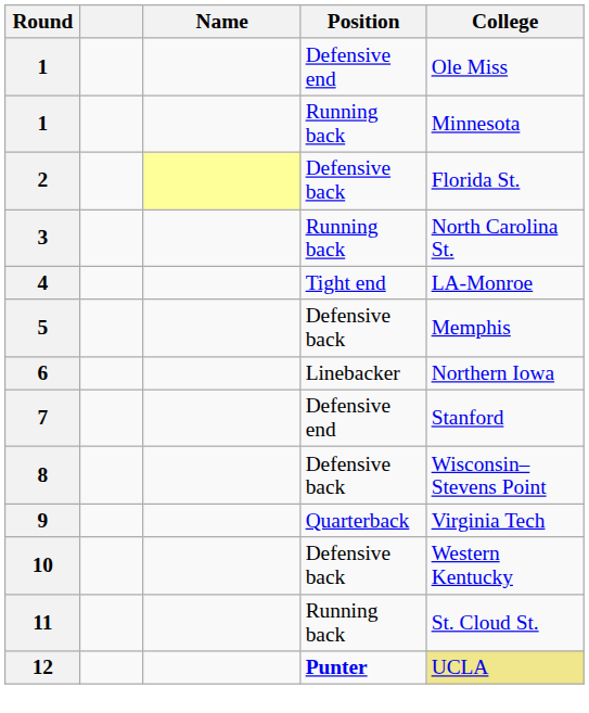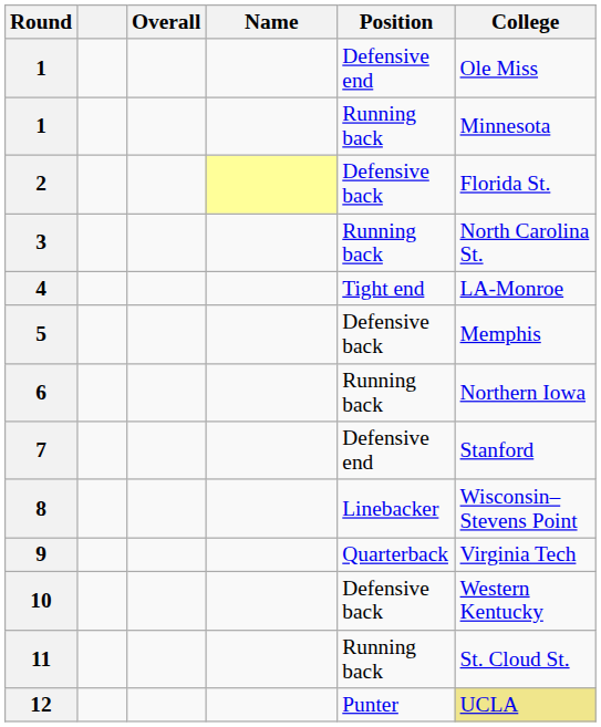 <table class="wikitable sortable" style="width: 50%;">
 <tr>
 <th scope="col" style="width: 10%;">Round</th>
 <th scope="col" style="width: 10%;"></th>
+<th scope="col" style="width: 10%;">Overall</th>
 <th scope="col" style="width: 25%;">Name</th>
 <th scope="col" style="width: 20%;">Position</th>
 <th scope="col" style="width: 25%;">College</th>
 </tr>
 <tr>
 <th scope="row">1</th>
+<td></td>
 <td></td>
 <td></td>
 <td><a href='#'>Defensive end</a></td>
 <td><a href='#'>Ole Miss</a></td>
 </tr>
 <tr>
 <th scope="row">1</th>
 <td></td>
 <td></td>
+<td></td>
 <td><a href='#'>Running back</a></td>
 <td><a href='#'>Minnesota</a></td>
 </tr>
 <tr>
 <th scope="row">2</th>
+<td></td>
 <td></td>
 <td style="background:#FFFF99;"> <sup></sup></td>
 <td><a href='#'>Defensive back</a></td>
 <td><a href='#'>Florida St.</a></td>
 </tr>
 <tr>
 <th scope="row">3</th>
 <td></td>
 <td></td>
+<td></td>
 <td><a href='#'>Running back</a></td>
 <td><a href='#'>North Carolina St.</a></td>
 </tr>
 <tr>
 <th scope="row">4</th>
+<td></td>
 <td></td>
 <td></td>
 <td><a href='#'>Tight end</a></td>
 <td><a href='#'>LA-Monroe</a></td>
 </tr>
 <tr>
 <th scope="row">5</th>
 <td></td>
 <td></td>
+<td></td>
 <td>Defensive back</td>
 <td><a href='#'>Memphis</a></td>
 </tr>
 <tr>
 <th scope="row">6</th>
 <td></td>
 <td></td>
-<td>Linebacker</td>
+<td></td>
+<td>Running back</td>
 <td><a href='#'>Northern Iowa</a></td>
 </tr>
 <tr>
 <th scope="row">7</th>
+<td></td>
 <td></td>
 <td></td>
 <td>Defensive end</td>
 <td><a href='#'>Stanford</a></td>
 </tr>
 <tr>
 <th scope="row">8</th>
 <td></td>
 <td></td>
-<td>Defensive back</td>
+<td></td>
+<td><a href='#'>Linebacker</a></td>
 <td><a href='#'>Wisconsin–Stevens Point</a></td>
 </tr>
 <tr>
 <th scope="row">9</th>
+<td></td>
 <td></td>
 <td></td>
 <td><a href='#'>Quarterback</a></td>
 <td><a href='#'>Virginia Tech</a></td>
 </tr>
 <tr>
 <th scope="row">10</th>
 <td></td>
 <td></td>
+<td></td>
 <td>Defensive back</td>
 <td><a href='#'>Western Kentucky</a></td>
 </tr>
 <tr>
 <th scope="row">11</th>
+<td></td>
 <td></td>
 <td></td>
 <td>Running back</td>
 <td><a href='#'>St. Cloud St.</a></td>
 </tr>
 <tr>
 <th scope="row">12</th>
 <td></td>
 <td></td>
-<td><strong><a href='#'>Punter</a></strong></td>
+<td></td>
+<td><a href='#'>Punter</a></td>
 <td style="background: khaki;"><a href='#'>UCLA</a></td>
 </tr>
 </table>
